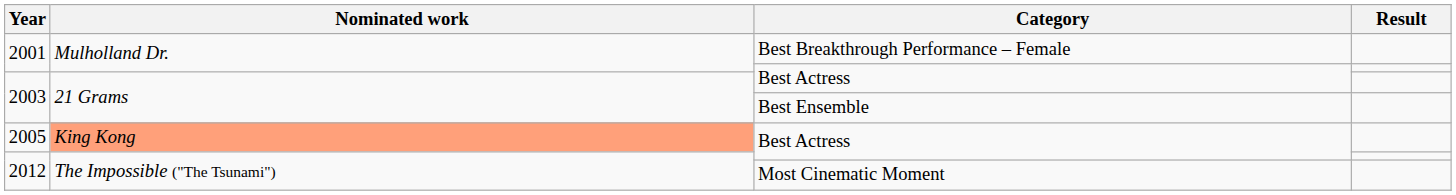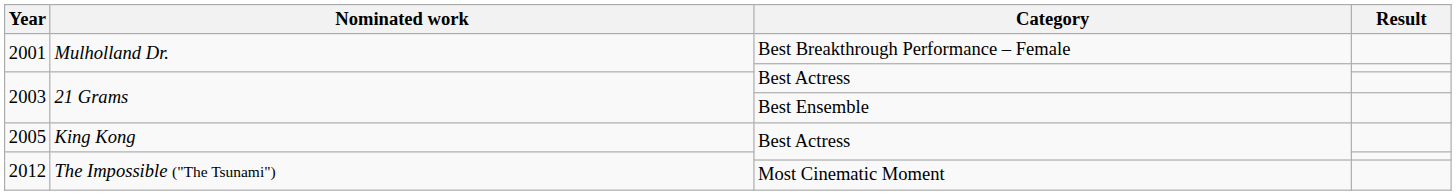 <table class=wikitable>
 <tr>
 <th scope="col" style="width:1em;">Year</th>
 <th scope="col" style="width:39em;">Nominated work</th>
 <th scope="col" style="width:33em;">Category</th>
 <th scope="col" style="width:5em;">Result</th>
 </tr>
 <tr>
 <td rowspan="2">2001</td>
 <td rowspan="2"><em>Mulholland Dr.</em></td>
 <td>Best Breakthrough Performance – Female</td>
 <td></td>
 </tr>
 <tr>
 <td rowspan="2">Best Actress</td>
 <td></td>
 </tr>
 <tr>
 <td rowspan="2">2003</td>
 <td rowspan="2"><em>21 Grams</em></td>
 <td></td>
 </tr>
 <tr>
 <td>Best Ensemble</td>
 <td></td>
 </tr>
 <tr>
 <td>2005</td>
-<td style="background: lightsalmon;"><em>King Kong</em></td>
+<td><em>King Kong</em></td>
 <td rowspan="2">Best Actress</td>
 <td></td>
 </tr>
 <tr>
 <td rowspan="2">2012</td>
 <td rowspan="2"><em>The Impossible</em> <small>("The Tsunami")</small></td>
 <td></td>
 </tr>
 <tr>
 <td>Most Cinematic Moment</td>
 <td></td>
 </tr>
 </table>
